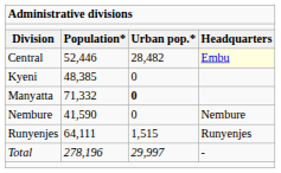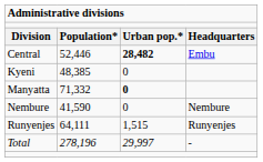 <table class="wikitable">
 <tr>
 <td colspan="4"><strong>Administrative divisions</strong></td>
 </tr>
 <tr>
 <td colspan="4"></td>
 </tr>
 <tr>
 <th>Division</th>
 <th>Population*</th>
 <th>Urban pop.*</th>
 <th>Headquarters</th>
 </tr>
 <tr>
 <td>Central</td>
 <td>52,446</td>
-<td>28,482</td>
-<td style="background: lightyellow;"><a href='#'>Embu</a></td>
+<td><strong>28,482</strong></td>
+<td><a href='#'>Embu</a></td>
 </tr>
 <tr>
 <td>Kyeni</td>
 <td>48,385</td>
 <td>0</td>
 <td></td>
 </tr>
 <tr>
 <td>Manyatta</td>
 <td>71,332</td>
 <td><strong>0</strong></td>
 <td></td>
 </tr>
 <tr>
 <td>Nembure</td>
 <td>41,590</td>
 <td>0</td>
 <td>Nembure</td>
 </tr>
 <tr>
 <td>Runyenjes</td>
 <td>64,111</td>
 <td>1,515</td>
 <td>Runyenjes</td>
 </tr>
 <tr>
 <td><em>Total</em></td>
 <td><em>278,196</em></td>
 <td><em>29,997</em></td>
 <td>-</td>
 </tr>
 <tr>
 <td colspan="4"></td>
 </tr>
 </table>
